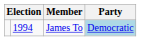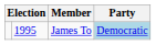 <table class="wikitable">
 <tr>
 <th colspan="2">Election</th>
 <th>Member</th>
 <th>Party</th>
 </tr>
 <tr>
 <td style="background-color: "></td>
-<td><a href='#'>1994</a></td>
+<td><a href='#'>1995</a></td>
 <td><a href='#'>James To</a></td>
 <td style="background: lightblue;"><a href='#'>Democratic</a></td>
 </tr>
 </table>
